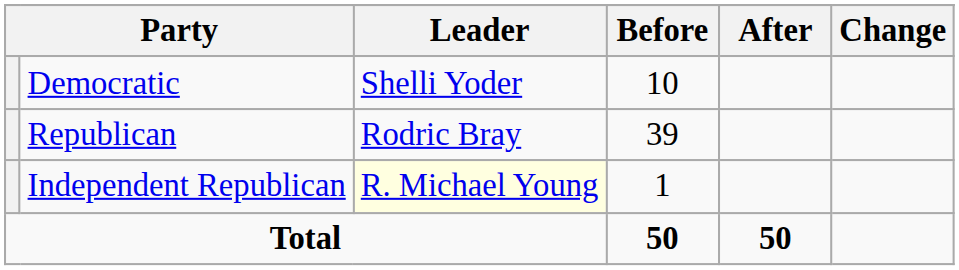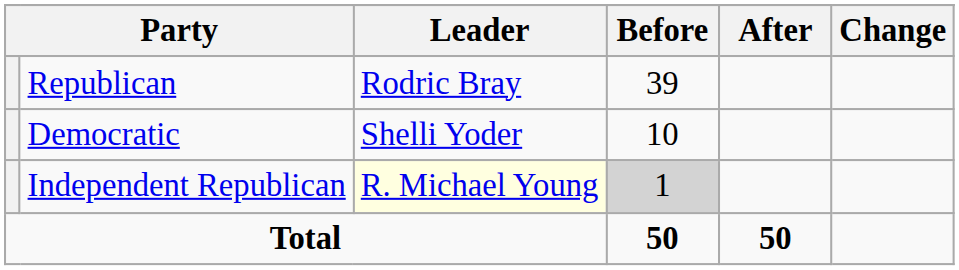 <table class="wikitable" style="text-align:center;">
 <tr>
 </tr>
 <tr>
 <th colspan="2">Party</th>
 <th>Leader</th>
 <th style="width:3em">Before</th>
 <th style="width:3em">After</th>
 <th style="width:3em">Change</th>
 </tr>
 <tr>
 <th style="background-color:"></th>
+<td style="text-align:left;"><a href='#'>Republican</a></td>
+<td style="text-align:left;"><a href='#'>Rodric Bray</a></td>
+<td>39</td>
+<td></td>
+<td></td>
+</tr>
+<tr>
+<th style="background-color:"></th>
 <td style="text-align:left;"><a href='#'>Democratic</a></td>
 <td style="text-align:left;"><a href='#'>Shelli Yoder</a></td>
 <td>10</td>
 <td></td>
 <td></td>
 </tr>
 <tr>
 <th style="background-color:"></th>
-<td style="text-align:left;"><a href='#'>Republican</a></td>
-<td style="text-align:left;"><a href='#'>Rodric Bray</a></td>
-<td>39</td>
-<td></td>
-<td></td>
-</tr>
-<tr>
-<th style="background-color:"></th>
 <td style="text-align:left;"><a href='#'>Independent Republican</a></td>
 <td style="background: lightyellow; text-align:left;"><a href='#'>R. Michael Young</a></td>
-<td>1</td>
+<td style="background: lightgrey;">1</td>
 <td></td>
 <td></td>
 </tr>
 <tr>
 <td colspan="3"><strong>Total</strong></td>
 <td><strong>50</strong></td>
 <td><strong>50</strong></td>
 <td></td>
 </tr>
 </table>
